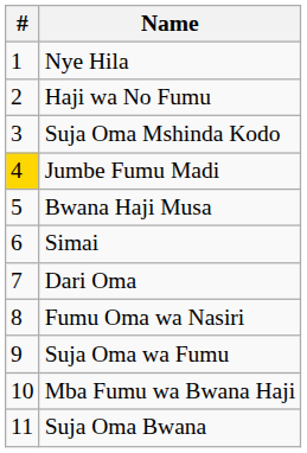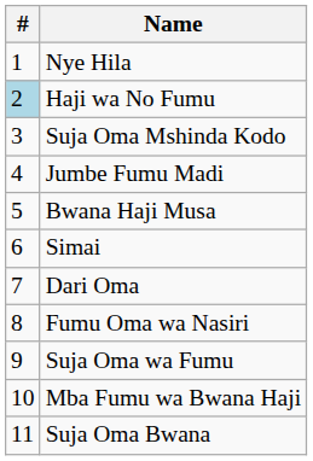 <table class="wikitable">
 <tr>
 <th>#</th>
 <th>Name</th>
 </tr>
 <tr>
 <td>1</td>
 <td>Nye Hila</td>
 </tr>
 <tr>
-<td>2</td>
+<td style="background: lightblue;">2</td>
 <td>Haji wa No Fumu</td>
 </tr>
 <tr>
 <td>3</td>
 <td>Suja Oma Mshinda Kodo</td>
 </tr>
 <tr>
-<td style="background: gold;">4</td>
+<td>4</td>
 <td>Jumbe Fumu Madi</td>
 </tr>
 <tr>
 <td>5</td>
 <td>Bwana Haji Musa</td>
 </tr>
 <tr>
 <td>6</td>
 <td>Simai</td>
 </tr>
 <tr>
 <td>7</td>
 <td>Dari Oma</td>
 </tr>
 <tr>
 <td>8</td>
 <td>Fumu Oma wa Nasiri</td>
 </tr>
 <tr>
 <td>9</td>
 <td>Suja Oma wa Fumu</td>
 </tr>
 <tr>
 <td>10</td>
 <td>Mba Fumu wa Bwana Haji</td>
 </tr>
 <tr>
 <td>11</td>
 <td>Suja Oma Bwana</td>
 </tr>
 </table>
